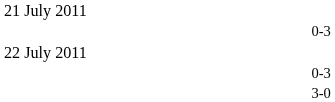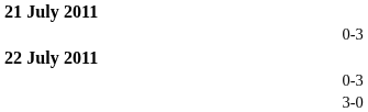 <table style="width:50%;" cellspacing="1">
 <tr>
 <th width=15%></th>
 <th width=10%></th>
 <th width=15%></th>
 </tr>
 <tr>
-<td>21 July 2011</td>
+<td><strong>21 July 2011</strong></td>
 </tr>
 <tr style=font-size:90%>
 <td align=right></td>
 <td align=center>0-3</td>
 <td></td>
 </tr>
 <tr>
-<td>22 July 2011</td>
+<td><strong>22 July 2011</strong></td>
 </tr>
 <tr style=font-size:90%>
 <td align=right></td>
 <td align=center>0-3</td>
 <td></td>
 </tr>
 <tr style=font-size:90%>
 <td align=right></td>
 <td align=center>3-0</td>
 <td></td>
 </tr>
 </table>
